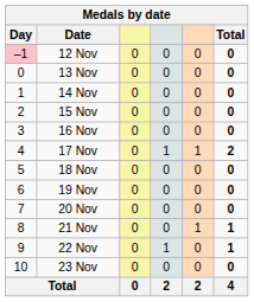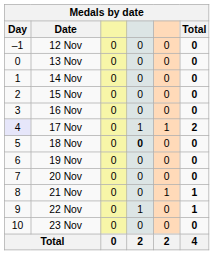 <table class="wikitable" style="font-size:90%; text-align:center;">
 <tr style="background:#efefef;">
 <th colspan=6><strong>Medals by date</strong></th>
 </tr>
 <tr>
 <th width=30><strong>Day</strong></th>
 <th width=90><strong>Date</strong></th>
 <th width=30 style="background:#F7F6A8;"></th>
 <th width=30 style="background:#DCE5E5;"></th>
 <th width=30 style="background:#FFDAB9;"></th>
 <th width=30><strong>Total</strong></th>
 </tr>
 <tr>
-<td style="background: pink;">–1</td>
+<td>–1</td>
 <td>12 Nov</td>
 <td style="background:#F7F6A8;">0</td>
 <td style="background:#DCE5E5;">0</td>
 <td style="background:#FFDAB9;">0</td>
 <td><strong>0</strong></td>
 </tr>
 <tr>
 <td>0</td>
 <td>13 Nov</td>
 <td style="background:#F7F6A8;">0</td>
 <td style="background:#DCE5E5;">0</td>
 <td style="background:#FFDAB9;">0</td>
 <td><strong>0</strong></td>
 </tr>
 <tr>
 <td>1</td>
 <td>14 Nov</td>
 <td style="background:#F7F6A8;">0</td>
 <td style="background:#DCE5E5;">0</td>
 <td style="background:#FFDAB9;">0</td>
 <td><strong>0</strong></td>
 </tr>
 <tr>
 <td>2</td>
 <td>15 Nov</td>
 <td style="background:#F7F6A8;">0</td>
 <td style="background:#DCE5E5;">0</td>
 <td style="background:#FFDAB9;">0</td>
 <td><strong>0</strong></td>
 </tr>
 <tr>
 <td>3</td>
 <td>16 Nov</td>
 <td style="background:#F7F6A8;">0</td>
 <td style="background:#DCE5E5;">0</td>
 <td style="background:#FFDAB9;">0</td>
 <td><strong>0</strong></td>
 </tr>
 <tr>
-<td>4</td>
+<td style="background: lavender;">4</td>
 <td>17 Nov</td>
 <td style="background:#F7F6A8;">0</td>
 <td style="background:#DCE5E5;">1</td>
 <td style="background:#FFDAB9;">1</td>
 <td><strong>2</strong></td>
 </tr>
 <tr>
 <td>5</td>
 <td>18 Nov</td>
 <td style="background:#F7F6A8;">0</td>
-<td style="background:#DCE5E5;">0</td>
+<td style="background:#DCE5E5;"><strong>0</strong></td>
 <td style="background:#FFDAB9;">0</td>
 <td><strong>0</strong></td>
 </tr>
 <tr>
 <td>6</td>
 <td>19 Nov</td>
 <td style="background:#F7F6A8;">0</td>
 <td style="background:#DCE5E5;">0</td>
 <td style="background:#FFDAB9;">0</td>
 <td><strong>0</strong></td>
 </tr>
 <tr>
 <td>7</td>
 <td>20 Nov</td>
 <td style="background:#F7F6A8;">0</td>
 <td style="background:#DCE5E5;">0</td>
 <td style="background:#FFDAB9;">0</td>
 <td><strong>0</strong></td>
 </tr>
 <tr>
 <td>8</td>
 <td>21 Nov</td>
 <td style="background:#F7F6A8;">0</td>
 <td style="background:#DCE5E5;">0</td>
 <td style="background:#FFDAB9;">1</td>
 <td><strong>1</strong></td>
 </tr>
 <tr>
 <td>9</td>
 <td>22 Nov</td>
 <td style="background:#F7F6A8;">0</td>
 <td style="background:#DCE5E5;">1</td>
 <td style="background:#FFDAB9;">0</td>
 <td><strong>1</strong></td>
 </tr>
 <tr>
 <td>10</td>
 <td>23 Nov</td>
 <td style="background:#F7F6A8;">0</td>
 <td style="background:#DCE5E5;">0</td>
 <td style="background:#FFDAB9;">0</td>
 <td><strong>0</strong></td>
 </tr>
 <tr>
 <th colspan="2"><strong>Total</strong></th>
 <th><strong>0</strong></th>
 <th><strong>2</strong></th>
 <th><strong>2</strong></th>
 <th><strong>4</strong></th>
 </tr>
 </table>
